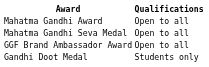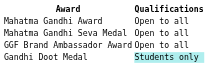 <table>
 <tr>
 <th>Award</th>
 <th>Qualifications</th>
 </tr>
 <tr>
 <td>Mahatma Gandhi Award</td>
 <td>Open to all</td>
 </tr>
 <tr>
 <td>Mahatma Gandhi Seva Medal</td>
 <td>Open to all</td>
 <td></td>
 </tr>
 <tr>
 <td>GGF Brand Ambassador Award</td>
 <td>Open to all</td>
 </tr>
 <tr>
 <td>Gandhi Doot Medal</td>
-<td>Students only</td>
+<td style="background: paleturquoise;">Students only</td>
 <td></td>
 </tr>
 </table>
